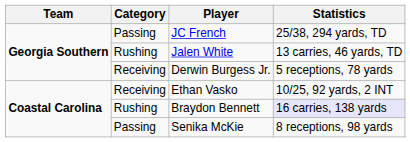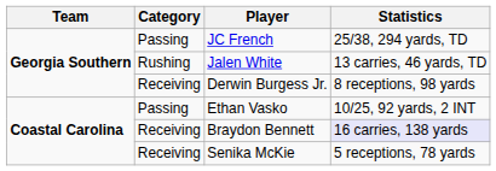 <table class="wikitable" style="float: right;">
 <tr>
 <th>Team</th>
 <th>Category</th>
 <th>Player</th>
 <th>Statistics</th>
 </tr>
 <tr>
 <td rowspan=3><strong>Georgia Southern</strong></td>
 <td>Passing</td>
 <td><a href='#'>JC French</a></td>
 <td>25/38, 294 yards, TD</td>
 </tr>
 <tr>
 <td>Rushing</td>
 <td><a href='#'>Jalen White</a></td>
 <td>13 carries, 46 yards, TD</td>
 </tr>
 <tr>
 <td>Receiving</td>
 <td>Derwin Burgess Jr.</td>
-<td>5 receptions, 78 yards</td>
+<td>8 receptions, 98 yards</td>
 </tr>
 <tr>
 <td rowspan=3><strong>Coastal Carolina</strong></td>
-<td>Receiving</td>
+<td>Passing</td>
 <td>Ethan Vasko</td>
 <td>10/25, 92 yards, 2 INT</td>
 </tr>
 <tr>
-<td>Rushing</td>
+<td>Receiving</td>
 <td>Braydon Bennett</td>
 <td style="background: lavender;">16 carries, 138 yards</td>
 </tr>
 <tr>
-<td>Passing</td>
+<td>Receiving</td>
 <td>Senika McKie</td>
-<td>8 receptions, 98 yards</td>
+<td>5 receptions, 78 yards</td>
 </tr>
 </table>
